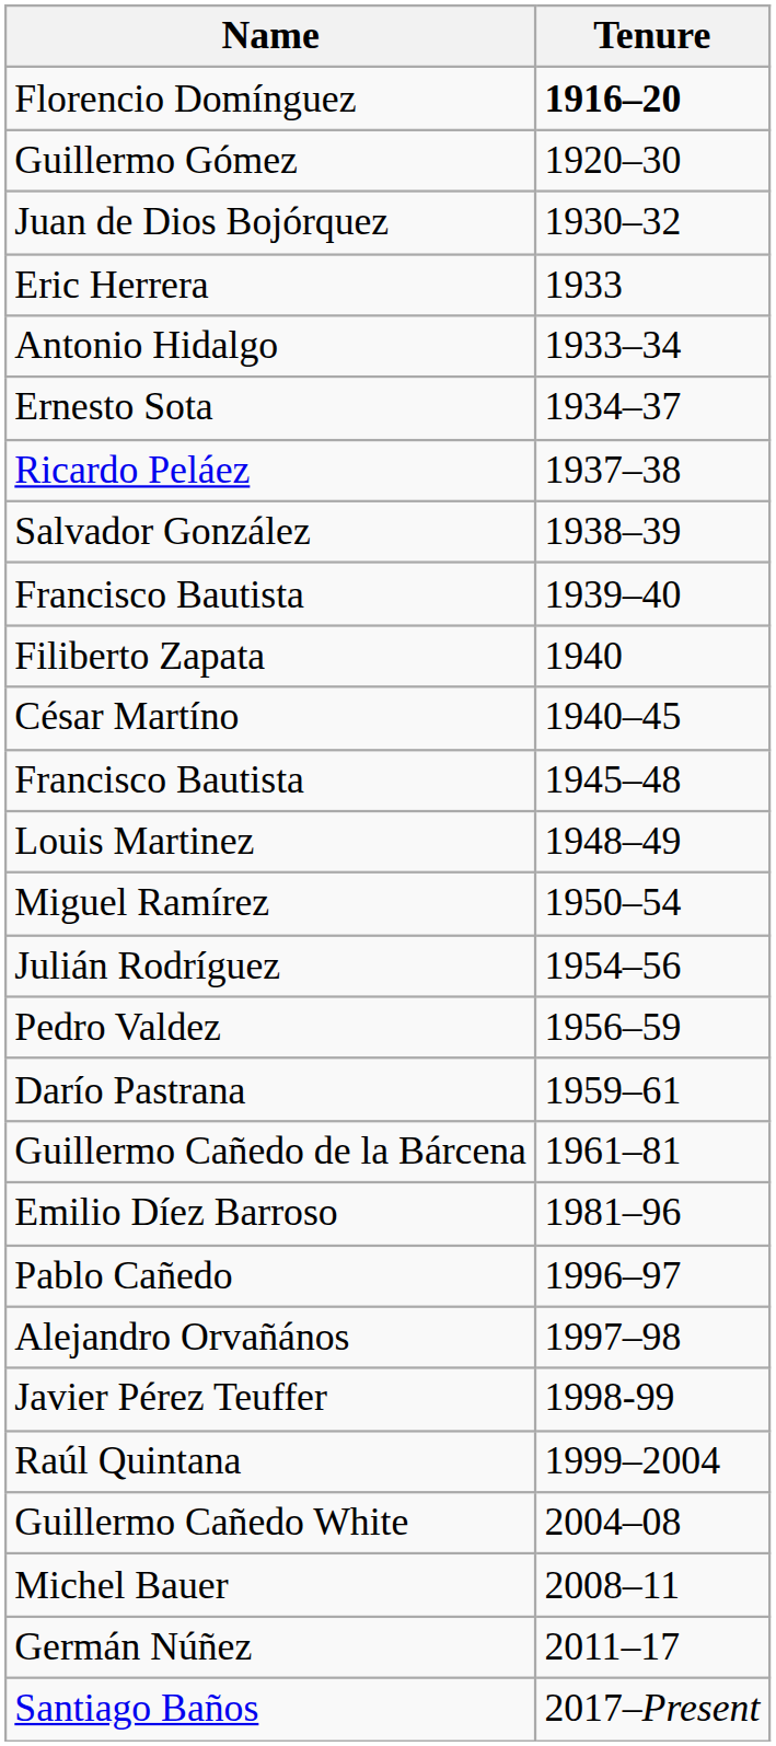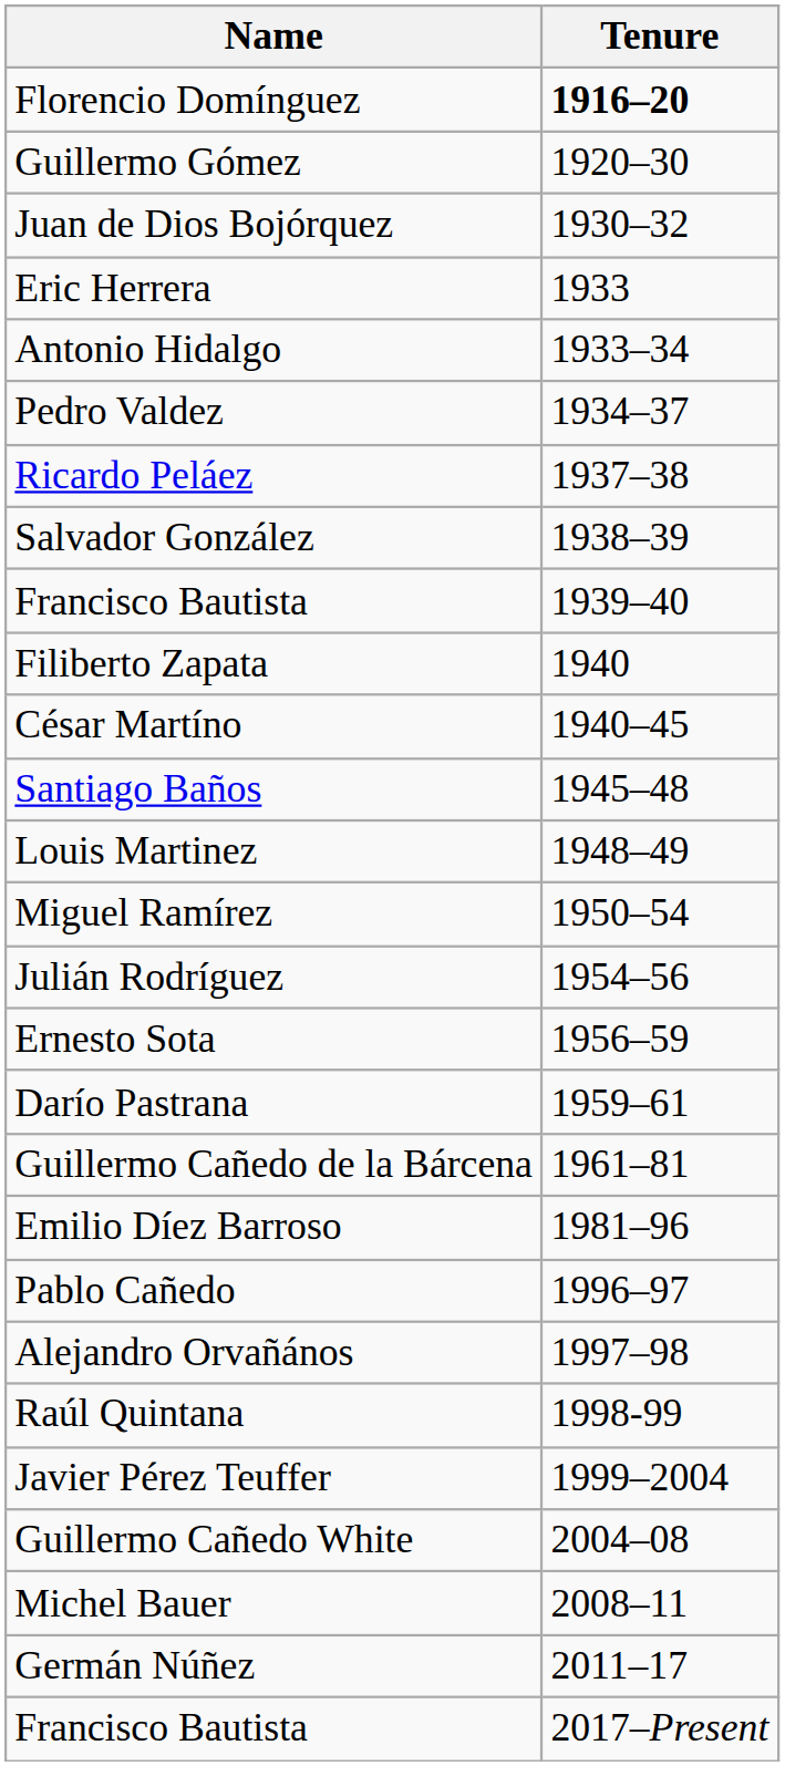 <table class="wikitable" style="text-align: left">
 <tr>
 <th>Name</th>
 <th>Tenure</th>
 </tr>
 <tr>
 <td> Florencio Domínguez</td>
 <td align=left><strong>1916–20</strong></td>
 </tr>
 <tr>
 <td> Guillermo Gómez</td>
 <td align=left>1920–30</td>
 </tr>
 <tr>
 <td> Juan de Dios Bojórquez</td>
 <td align=left>1930–32</td>
 </tr>
 <tr>
 <td> Eric Herrera</td>
 <td align=left>1933</td>
 </tr>
 <tr>
 <td> Antonio Hidalgo</td>
 <td align=left>1933–34</td>
 </tr>
 <tr>
-<td> Ernesto Sota</td>
+<td> Pedro Valdez</td>
 <td align=left>1934–37</td>
 </tr>
 <tr>
 <td> <a href='#'>Ricardo Peláez</a></td>
 <td align=left>1937–38</td>
 </tr>
 <tr>
 <td> Salvador González</td>
 <td align=left>1938–39</td>
 </tr>
 <tr>
 <td> Francisco Bautista</td>
 <td align=left>1939–40</td>
 </tr>
 <tr>
 <td> Filiberto Zapata</td>
 <td align=left>1940</td>
 </tr>
 <tr>
 <td> César Martíno</td>
 <td align=left>1940–45</td>
 </tr>
 <tr>
-<td> Francisco Bautista</td>
+<td> <a href='#'>Santiago Baños</a></td>
 <td align=left>1945–48</td>
 </tr>
 <tr>
 <td> Louis Martinez</td>
 <td align=left>1948–49</td>
 </tr>
 <tr>
 <td> Miguel Ramírez</td>
 <td align=left>1950–54</td>
 </tr>
 <tr>
 <td> Julián Rodríguez</td>
 <td align=left>1954–56</td>
 </tr>
 <tr>
-<td> Pedro Valdez</td>
+<td> Ernesto Sota</td>
 <td align=left>1956–59</td>
 </tr>
 <tr>
 <td> Darío Pastrana</td>
 <td align=left>1959–61</td>
 </tr>
 <tr>
 <td> Guillermo Cañedo de la Bárcena</td>
 <td align=left>1961–81</td>
 </tr>
 <tr>
 <td> Emilio Díez Barroso</td>
 <td align=left>1981–96</td>
 </tr>
 <tr>
 <td> Pablo Cañedo</td>
 <td align=left>1996–97</td>
 </tr>
 <tr>
 <td> Alejandro Orvañános</td>
 <td align=left>1997–98</td>
 </tr>
 <tr>
-<td> Javier Pérez Teuffer</td>
+<td> Raúl Quintana</td>
 <td align=left>1998-99</td>
 </tr>
 <tr>
-<td> Raúl Quintana</td>
+<td> Javier Pérez Teuffer</td>
 <td align=left>1999–2004</td>
 </tr>
 <tr>
 <td> Guillermo Cañedo White</td>
 <td align=left>2004–08</td>
 </tr>
 <tr>
 <td> Michel Bauer</td>
 <td align=left>2008–11</td>
 </tr>
 <tr>
 <td> Germán Núñez</td>
 <td align=left>2011–17</td>
 </tr>
 <tr>
-<td> <a href='#'>Santiago Baños</a></td>
+<td> Francisco Bautista</td>
 <td align=left>2017–<em>Present</em></td>
 </tr>
 </table>
